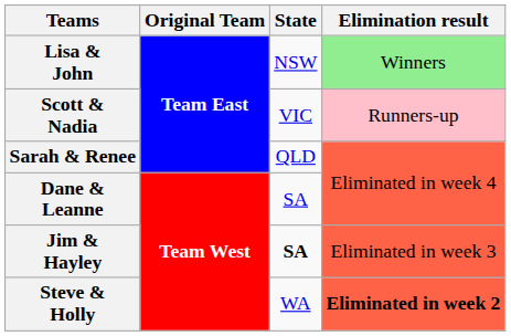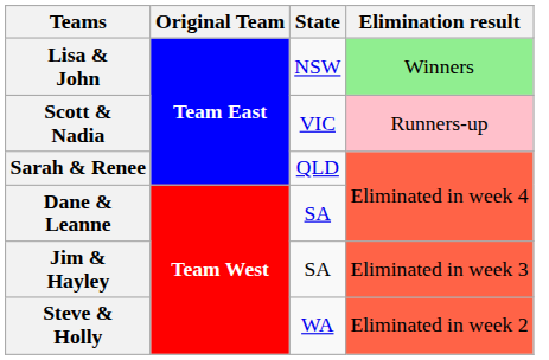 <table class="wikitable" style="text-align:center">
 <tr>
 <th bgcolor="gray"><span>Teams</span></th>
 <th bgcolor="gray"><span>Original Team</span></th>
 <th bgcolor="gray"><span>State</span></th>
 <th bgcolor="gray"><span>Elimination result</span></th>
 </tr>
 <tr>
 <th>Lisa &<br>John</th>
 <th colspan="1" rowspan="3" style="background:blue; color:white;">Team East</th>
 <td><a href='#'>NSW</a></td>
 <td style="background:lightgreen; color:black;">Winners</td>
 </tr>
 <tr>
 <th>Scott &<br>Nadia</th>
 <td><a href='#'>VIC</a></td>
 <td style="background:pink; color:black;">Runners-up</td>
 </tr>
 <tr>
 <th>Sarah & Renee</th>
 <td><a href='#'>QLD</a></td>
 <td rowspan="2" bgcolor="tomato">Eliminated in week 4</td>
 </tr>
 <tr>
 <th>Dane &<br>Leanne</th>
 <th colspan="1" rowspan="3" style="background:red; color:white;">Team West</th>
 <td><a href='#'>SA</a></td>
 </tr>
 <tr>
 <th>Jim &<br>Hayley</th>
-<td><strong>SA</strong></td>
+<td>SA</td>
 <td bgcolor="tomato">Eliminated in week 3</td>
 </tr>
 <tr>
 <th>Steve &<br>Holly</th>
 <td><a href='#'>WA</a></td>
-<td bgcolor="tomato"><strong>Eliminated in week 2</strong></td>
+<td bgcolor="tomato">Eliminated in week 2</td>
 </tr>
 </table>
